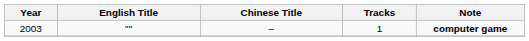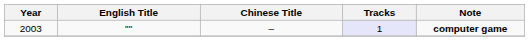 <table class="wikitable" style="text-align:center; font-size:0.9em;">
 <tr>
 <th width="70">Year</th>
 <th width="200">English Title</th>
 <th width="200">Chinese Title</th>
 <th width="100">Tracks</th>
 <th width="150">Note</th>
 </tr>
 <tr>
 <td>2003</td>
 <td>""</td>
 <td>–</td>
-<td>1</td>
+<td style="background: lavender;">1</td>
 <td><strong>computer game</strong></td>
 </tr>
 <tr>
 </tr>
 </table>
